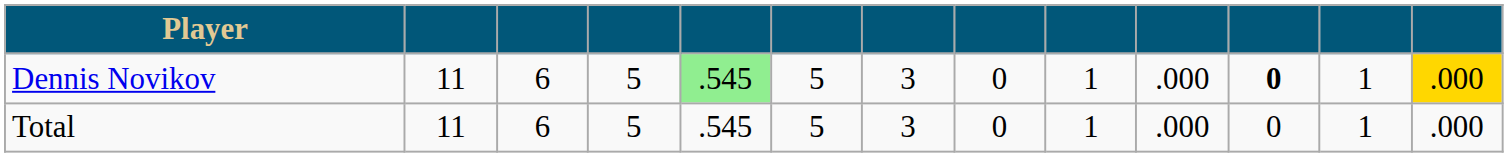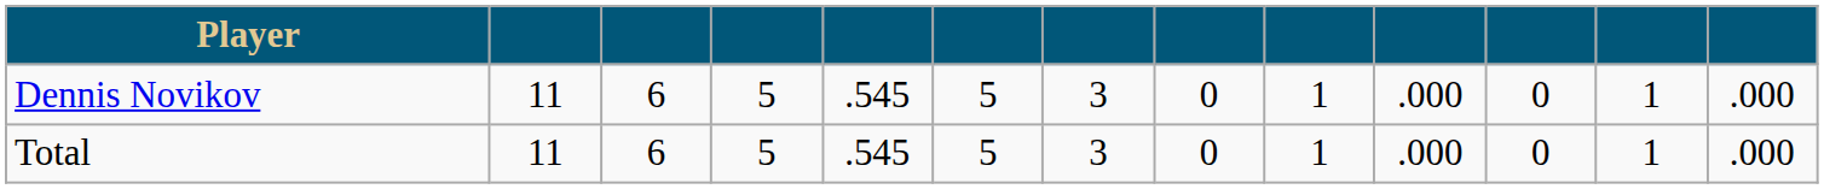 <table class="wikitable" style="text-align:center">
 <tr>
 <th style="background:#015779; color:#E2C993" width="200px">Player</th>
 <th style="background:#015779; color:#E2C993" width="40px"></th>
 <th style="background:#015779; color:#E2C993" width="40px"></th>
 <th style="background:#015779; color:#E2C993" width="40px"></th>
 <th style="background:#015779; color:#E2C993" width="40px"></th>
 <th style="background:#015779; color:#E2C993" width="40px"></th>
 <th style="background:#015779; color:#E2C993" width="40px"></th>
 <th style="background:#015779; color:#E2C993" width="40px"></th>
 <th style="background:#015779; color:#E2C993" width="40px"></th>
 <th style="background:#015779; color:#E2C993" width="40px"></th>
 <th style="background:#015779; color:#E2C993" width="40px"></th>
 <th style="background:#015779; color:#E2C993" width="40px"></th>
 <th style="background:#015779; color:#E2C993" width="40px"></th>
 </tr>
 <tr>
 <td style="text-align:left"><a href='#'>Dennis Novikov</a></td>
 <td>11</td>
 <td>6</td>
 <td>5</td>
-<td style="background: lightgreen;">.545</td>
+<td>.545</td>
 <td>5</td>
 <td>3</td>
 <td>0</td>
 <td>1</td>
 <td>.000</td>
-<td><strong>0</strong></td>
+<td>0</td>
 <td>1</td>
-<td style="background: gold;">.000</td>
+<td>.000</td>
 </tr>
 <tr>
 <td style="text-align:left">Total</td>
 <td>11</td>
 <td>6</td>
 <td>5</td>
 <td>.545</td>
 <td>5</td>
 <td>3</td>
 <td>0</td>
 <td>1</td>
 <td>.000</td>
 <td>0</td>
 <td>1</td>
 <td>.000</td>
 </tr>
 </table>
